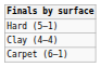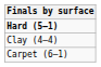 <table class=wikitable style=font-size:90%>
 <tr>
 <th>Finals by surface</th>
 </tr>
 <tr>
-<td>Hard (5–1)</td>
+<td><strong>Hard (5–1)</strong></td>
 </tr>
 <tr>
 <td>Clay (4–4)</td>
 </tr>
 <tr>
 <td>Carpet (6–1)</td>
 </tr>
 </table>
